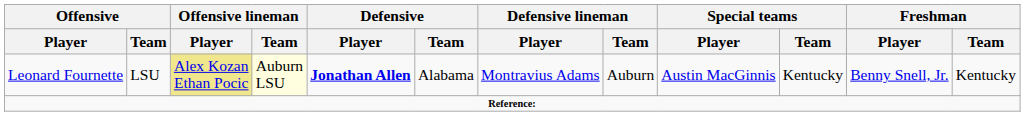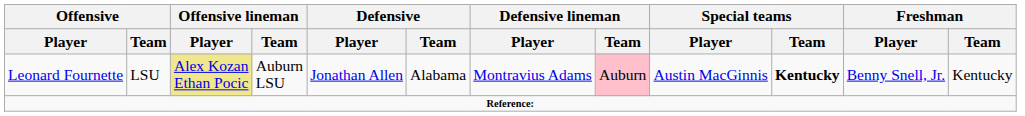 <table class="wikitable">
 <tr>
 <th colspan="2">Offensive</th>
 <th colspan="2">Offensive lineman</th>
 <th colspan="2">Defensive</th>
 <th colspan="2">Defensive lineman</th>
 <th colspan="2">Special teams</th>
 <th colspan="2">Freshman</th>
 </tr>
 <tr>
 <th>Player</th>
 <th>Team</th>
 <th>Player</th>
 <th>Team</th>
 <th>Player</th>
 <th>Team</th>
 <th>Player</th>
 <th>Team</th>
 <th>Player</th>
 <th>Team</th>
 <th>Player</th>
 <th>Team</th>
 </tr>
 <tr>
 <td><a href='#'>Leonard Fournette</a></td>
 <td>LSU</td>
 <td style="background: khaki;"><a href='#'>Alex Kozan</a><br><a href='#'>Ethan Pocic</a></td>
-<td style="background: lightyellow;">Auburn<br>LSU</td>
-<td><strong><a href='#'>Jonathan Allen</a></strong></td>
+<td>Auburn<br>LSU</td>
+<td><a href='#'>Jonathan Allen</a></td>
 <td>Alabama</td>
 <td><a href='#'>Montravius Adams</a></td>
-<td>Auburn</td>
+<td style="background: pink;">Auburn</td>
 <td><a href='#'>Austin MacGinnis</a></td>
-<td>Kentucky</td>
+<td><strong>Kentucky</strong></td>
 <td><a href='#'>Benny Snell, Jr.</a></td>
 <td>Kentucky</td>
 </tr>
 <tr>
 <td colspan="12"  style="font-size:8pt; text-align:center;"><strong>Reference:</strong></td>
 </tr>
 </table>
